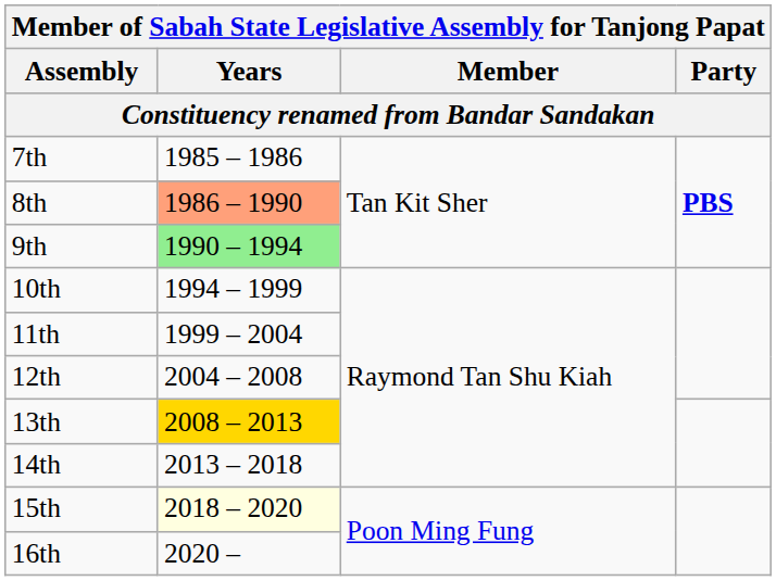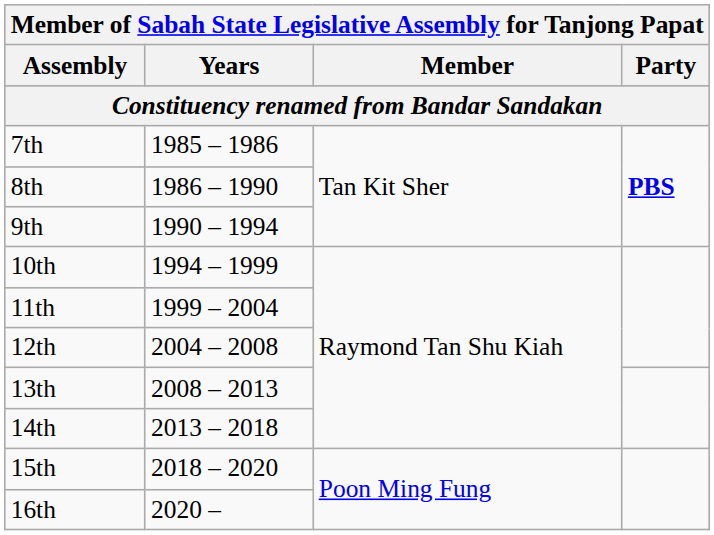 <table class="wikitable">
 <tr>
 <th colspan="4">Member of <a href='#'>Sabah State Legislative Assembly</a> for Tanjong Papat</th>
 </tr>
 <tr>
 <th>Assembly</th>
 <th>Years</th>
 <th>Member</th>
 <th>Party</th>
 </tr>
 <tr>
 <th colspan="4"><em>Constituency renamed from Bandar Sandakan</em></th>
 </tr>
 <tr>
 <td>7th</td>
 <td>1985 – 1986</td>
 <td rowspan="3">Tan Kit Sher</td>
 <td rowspan=3><strong><a href='#'>PBS</a></strong></td>
 </tr>
 <tr>
 <td>8th</td>
-<td style="background: lightsalmon;">1986 – 1990</td>
+<td>1986 – 1990</td>
 </tr>
 <tr>
 <td>9th</td>
-<td style="background: lightgreen;">1990 – 1994</td>
+<td>1990 – 1994</td>
 </tr>
 <tr>
 <td>10th</td>
 <td>1994 – 1999</td>
 <td rowspan="5">Raymond Tan Shu Kiah</td>
 <td rowspan=3></td>
 </tr>
 <tr>
 <td>11th</td>
 <td>1999 – 2004</td>
 </tr>
 <tr>
 <td>12th</td>
 <td>2004 – 2008</td>
 </tr>
 <tr>
 <td>13th</td>
-<td style="background: gold;">2008 – 2013</td>
+<td>2008 – 2013</td>
 <td rowspan=2></td>
 </tr>
 <tr>
 <td>14th</td>
 <td>2013 – 2018</td>
 </tr>
 <tr>
 <td>15th</td>
-<td style="background: lightyellow;">2018 – 2020</td>
+<td>2018 – 2020</td>
 <td rowspan="2"><a href='#'>Poon Ming Fung</a></td>
 <td rowspan=2></td>
 </tr>
 <tr>
 <td>16th</td>
 <td>2020 –</td>
 </tr>
 </table>
